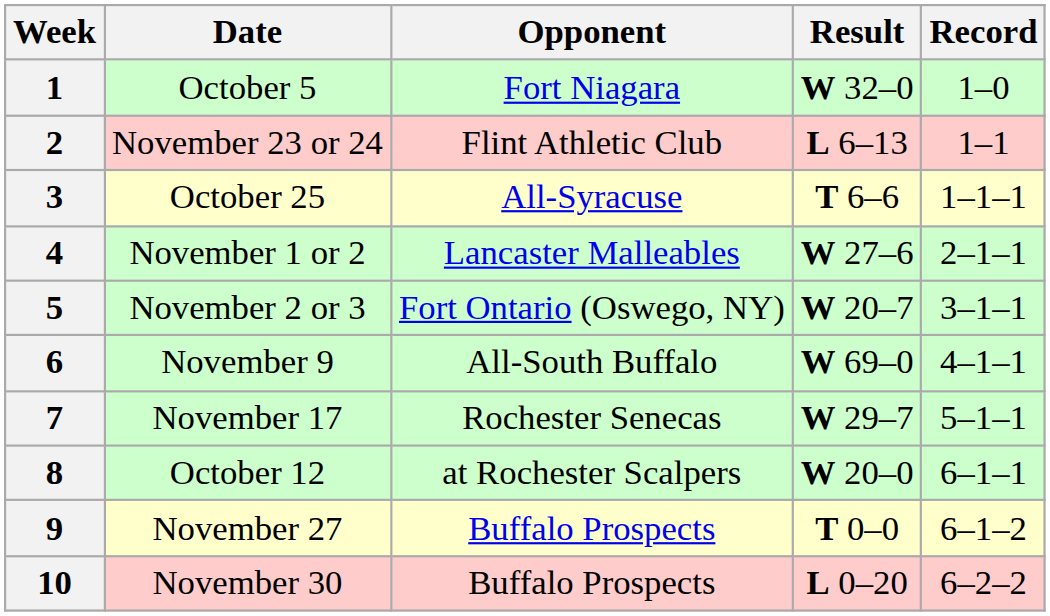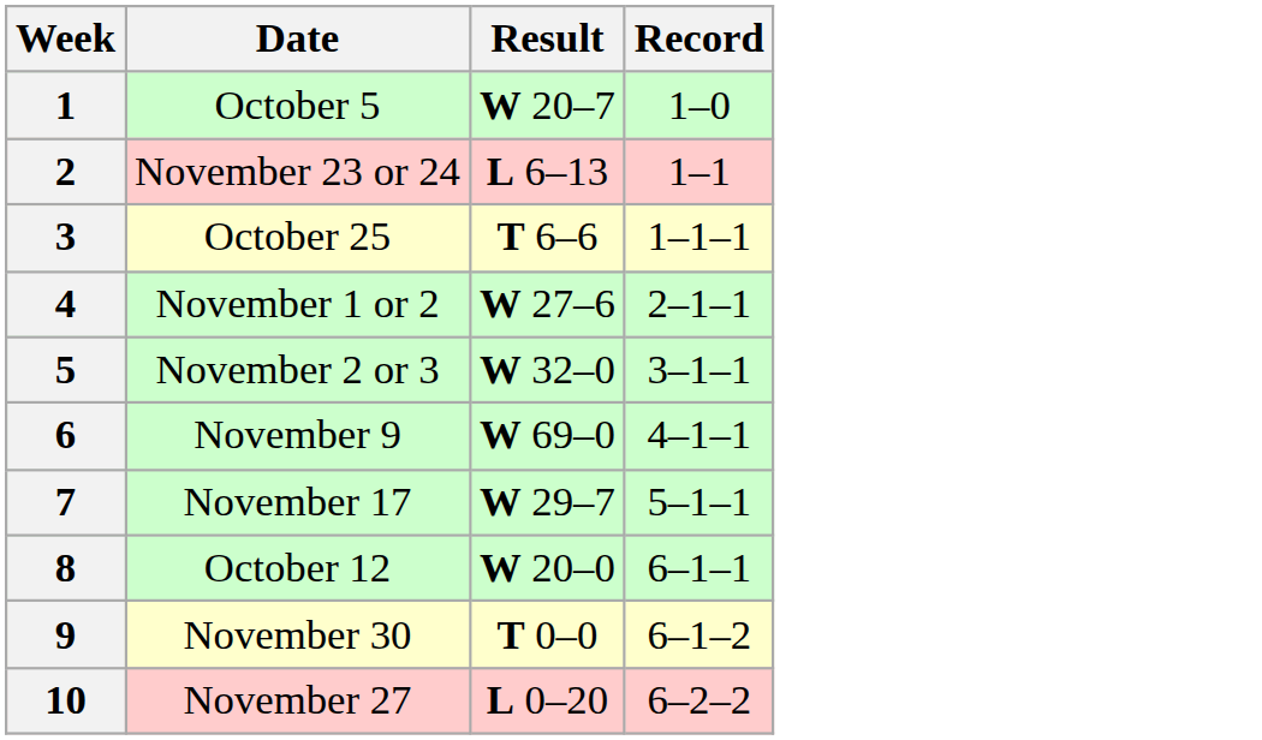 <table class="wikitable" style="text-align:center">
 <tr>
 <th>Week</th>
 <th>Date</th>
-<th>Opponent</th>
 <th>Result</th>
 <th>Record</th>
 </tr>
 <tr style="background:#cfc">
 <th>1</th>
 <td>October 5</td>
-<td><a href='#'>Fort Niagara</a></td>
-<td><strong>W</strong> 32–0</td>
+<td><strong>W</strong> 20–7</td>
 <td>1–0</td>
 </tr>
 <tr style="background:#fcc">
 <th>2</th>
 <td>November 23 or 24</td>
-<td>Flint Athletic Club</td>
 <td><strong>L</strong> 6–13</td>
 <td>1–1</td>
 </tr>
 <tr style="background:#ffc">
 <th>3</th>
 <td>October 25</td>
-<td><a href='#'>All-Syracuse</a></td>
 <td><strong>T</strong> 6–6</td>
 <td>1–1–1</td>
 </tr>
 <tr style="background:#cfc">
 <th>4</th>
 <td>November 1 or 2</td>
-<td><a href='#'>Lancaster Malleables</a></td>
 <td><strong>W</strong> 27–6</td>
 <td>2–1–1</td>
 </tr>
 <tr style="background:#cfc">
 <th>5</th>
 <td>November 2 or 3</td>
-<td><a href='#'>Fort Ontario</a> (Oswego, NY)</td>
-<td><strong>W</strong> 20–7</td>
+<td><strong>W</strong> 32–0</td>
 <td>3–1–1</td>
 </tr>
 <tr style="background:#cfc">
 <th>6</th>
 <td>November 9</td>
-<td>All-South Buffalo</td>
 <td><strong>W</strong> 69–0</td>
 <td>4–1–1</td>
 </tr>
 <tr style="background:#cfc">
 <th>7</th>
 <td>November 17</td>
-<td>Rochester Senecas</td>
 <td><strong>W</strong> 29–7</td>
 <td>5–1–1</td>
 </tr>
 <tr style="background:#cfc">
 <th>8</th>
 <td>October 12</td>
-<td>at Rochester Scalpers</td>
 <td><strong>W</strong> 20–0</td>
 <td>6–1–1</td>
 </tr>
 <tr style="background:#ffc">
 <th>9</th>
-<td>November 27</td>
-<td><a href='#'>Buffalo Prospects</a></td>
+<td>November 30</td>
 <td><strong>T</strong> 0–0</td>
 <td>6–1–2</td>
 </tr>
 <tr style="background:#fcc">
 <th>10</th>
-<td>November 30</td>
-<td>Buffalo Prospects</td>
+<td>November 27</td>
 <td><strong>L</strong> 0–20</td>
 <td>6–2–2</td>
 </tr>
 </table>
